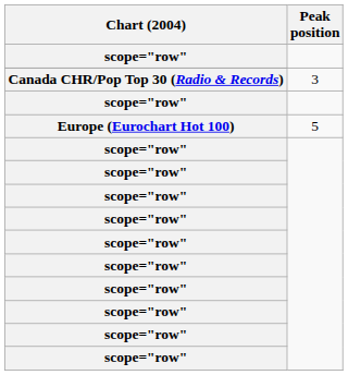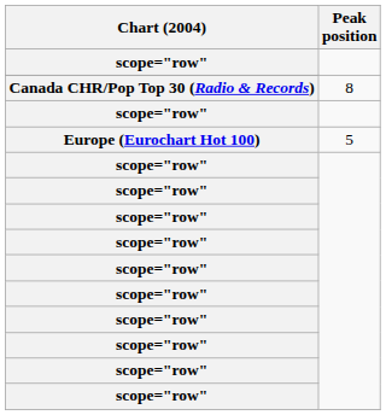 <table class="wikitable sortable plainrowheaders" style="text-align:center">
 <tr>
 <th scope="col">Chart (2004)</th>
 <th scope="col">Peak<br>position</th>
 </tr>
 <tr>
 <th>scope="row"</th>
 </tr>
 <tr>
 </tr>
 <tr>
 <th scope="row">Canada CHR/Pop Top 30 (<em><a href='#'>Radio & Records</a></em>)</th>
-<td>3</td>
+<td>8</td>
 </tr>
 <tr>
 <th>scope="row"</th>
 </tr>
 <tr>
 <th scope="row">Europe (<a href='#'>Eurochart Hot 100</a>)</th>
 <td>5</td>
 </tr>
 <tr>
 <th>scope="row"</th>
 </tr>
 <tr>
 <th>scope="row"</th>
 </tr>
 <tr>
 <th>scope="row"</th>
 </tr>
 <tr>
 <th>scope="row"</th>
 </tr>
 <tr>
 <th>scope="row"</th>
 </tr>
 <tr>
 <th>scope="row"</th>
 </tr>
 <tr>
 <th>scope="row"</th>
 </tr>
 <tr>
 <th>scope="row"</th>
 </tr>
 <tr>
 <th>scope="row"</th>
 </tr>
 <tr>
 <th>scope="row"</th>
 </tr>
 </table>
